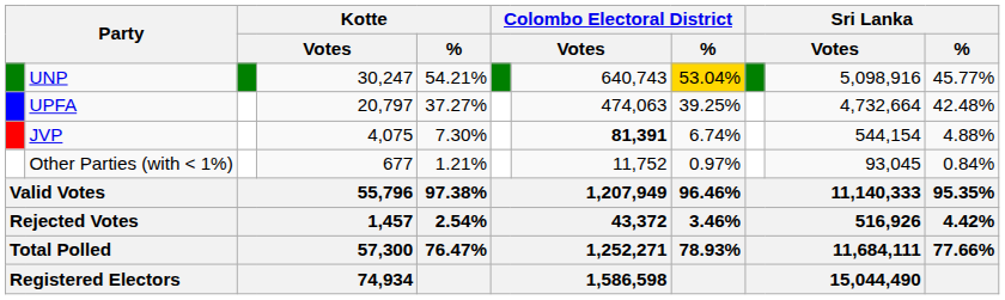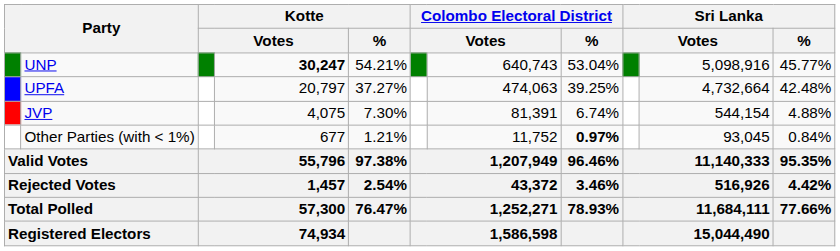 <table class="wikitable">
 <tr>
 <th colspan="2" width="144px"rowspan="2">Party</th>
 <th colspan="3" width="216px">Kotte</th>
 <th colspan="3" width="216px"><a href='#'>Colombo Electoral District</a></th>
 <th colspan="3" width="216px">Sri Lanka</th>
 </tr>
 <tr>
 <th colspan="2" width="144px">Votes</th>
 <th>%</th>
 <th colspan="2" width="144px">Votes</th>
 <th>%</th>
 <th colspan="2" width="144px">Votes</th>
 <th>%</th>
 </tr>
 <tr>
 <td style="background-color:green;" width="10px"></td>
 <td style="text-align:left;"><a href='#'>UNP</a></td>
 <td style="background-color:green;" width="10px"></td>
-<td style="text-align:right;">30,247</td>
+<td style="text-align:right;"><strong>30,247</strong></td>
 <td style="text-align:right;">54.21%</td>
 <td style="background-color:green;" width="10px"></td>
 <td style="text-align:right;">640,743</td>
-<td style="background: gold; text-align:right;">53.04%</td>
+<td style="text-align:right;">53.04%</td>
 <td style="background-color:green;" width="10px"></td>
 <td style="text-align:right;">5,098,916</td>
 <td style="text-align:right;">45.77%</td>
 </tr>
 <tr>
 <td style="background-color:blue;" width="10px"></td>
 <td style="text-align:left;"><a href='#'>UPFA</a></td>
 <td style="background-color:white;" width="10px"></td>
 <td style="text-align:right;">20,797</td>
 <td style="text-align:right;">37.27%</td>
 <td style="background-color:white;" width="10px"></td>
 <td style="text-align:right;">474,063</td>
 <td style="text-align:right;">39.25%</td>
 <td style="background-color:white;" width="10px"></td>
 <td style="text-align:right;">4,732,664</td>
 <td style="text-align:right;">42.48%</td>
 </tr>
 <tr>
 <td style="background-color:red;" width="10px"></td>
 <td style="text-align:left;"><a href='#'>JVP</a></td>
 <td style="background-color:white;" width="10px"></td>
 <td style="text-align:right;">4,075</td>
 <td style="text-align:right;">7.30%</td>
 <td style="background-color:white;" width="10px"></td>
-<td style="text-align:right;"><strong>81,391</strong></td>
+<td style="text-align:right;">81,391</td>
 <td style="text-align:right;">6.74%</td>
 <td style="background-color:white;" width="10px"></td>
 <td style="text-align:right;">544,154</td>
 <td style="text-align:right;">4.88%</td>
 </tr>
 <tr>
 <td style="background-color:white;" width="10px"></td>
 <td style="text-align:left;">Other Parties (with < 1%)</td>
 <td style="background-color:white;" width="10px"></td>
 <td style="text-align:right;">677</td>
 <td style="text-align:right;">1.21%</td>
 <td style="background-color:white;" width="10px"></td>
 <td style="text-align:right;">11,752</td>
-<td style="text-align:right;">0.97%</td>
+<td style="text-align:right;"><strong>0.97%</strong></td>
 <td style="background-color:white;" width="10px"></td>
 <td style="text-align:right;">93,045</td>
 <td style="text-align:right;">0.84%</td>
 </tr>
 <tr>
 <th colspan="2" width="144px"style="text-align:left;">Valid Votes</th>
 <th style="text-align:right;"colspan="2" width="144px">55,796</th>
 <th style="text-align:right;">97.38%</th>
 <th style="text-align:right;"colspan="2" width="144px">1,207,949</th>
 <th style="text-align:right;">96.46%</th>
 <th style="text-align:right;"colspan="2" width="144px">11,140,333</th>
 <th style="text-align:right;">95.35%</th>
 </tr>
 <tr>
 <th colspan="2" width="144px"style="text-align:left;">Rejected Votes</th>
 <th style="text-align:right;"colspan="2" width="144px">1,457</th>
 <th style="text-align:right;">2.54%</th>
 <th style="text-align:right;"colspan="2" width="144px">43,372</th>
 <th style="text-align:right;">3.46%</th>
 <th style="text-align:right;"colspan="2" width="144px">516,926</th>
 <th style="text-align:right;">4.42%</th>
 </tr>
 <tr>
 <th colspan="2" width="144px"style="text-align:left;">Total Polled</th>
 <th style="text-align:right;"colspan="2" width="144px">57,300</th>
 <th style="text-align:right;">76.47%</th>
 <th style="text-align:right;"colspan="2" width="144px">1,252,271</th>
 <th style="text-align:right;">78.93%</th>
 <th style="text-align:right;"colspan="2" width="144px">11,684,111</th>
 <th style="text-align:right;">77.66%</th>
 </tr>
 <tr>
 <th colspan="2" width="144px"style="text-align:left;">Registered Electors</th>
 <th style="text-align:right;"colspan="2" width="144px">74,934</th>
 <th></th>
 <th style="text-align:right;"colspan="2" width="144px">1,586,598</th>
 <th></th>
 <th style="text-align:right;"colspan="2" width="144px">15,044,490</th>
 <th></th>
 </tr>
 </table>
